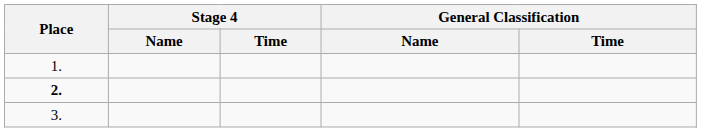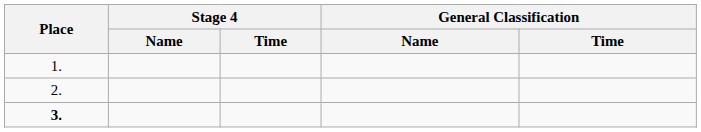 <table class="wikitable"  style="font-size:95%; width:80%;">
 <tr>
 <th rowspan="2">Place</th>
 <th colspan="2">Stage 4</th>
 <th colspan="2">General Classification</th>
 </tr>
 <tr>
 <th>Name</th>
 <th>Time</th>
 <th>Name</th>
 <th>Time</th>
 </tr>
 <tr>
 <td style="text-align:center;">1.</td>
 <td></td>
 <td></td>
 <td></td>
 <td></td>
 </tr>
 <tr>
-<td style="text-align:center;"><strong>2.</strong></td>
+<td style="text-align:center;">2.</td>
 <td></td>
 <td></td>
 <td></td>
 <td></td>
 </tr>
 <tr>
-<td style="text-align:center;">3.</td>
+<td style="text-align:center;"><strong>3.</strong></td>
 <td></td>
 <td></td>
 <td></td>
 <td></td>
 </tr>
 </table>
